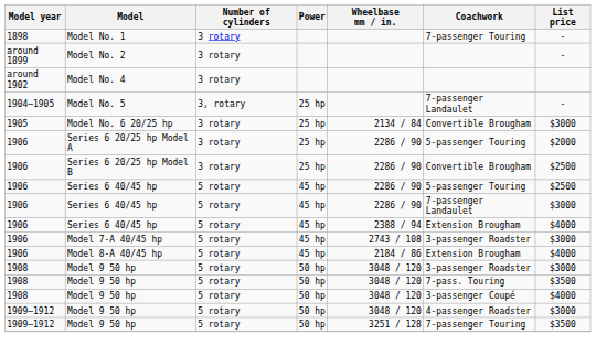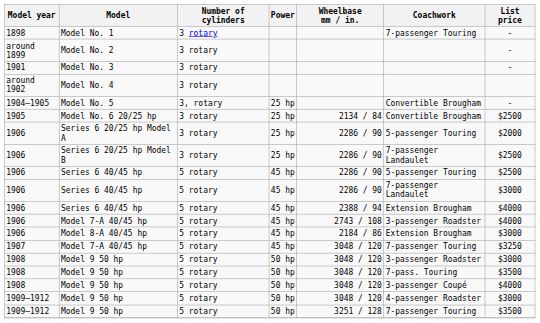 <table class="wikitable">
 <tr>
 <th style=="background:#CCCCCC;text-align:center"><strong>Model year</strong></th>
 <th style=="background:#CCCCCC;text-align:center"><strong>Model</strong></th>
 <th style=="background:#CCCCCC;text-align:center"><strong>Number of cylinders</strong></th>
 <th style=="background:#CCCCCC;text-align:center"><strong>Power</strong></th>
 <th style=="background:#CCCCCC;text-align:center"><strong>Wheelbase mm / in.</strong></th>
 <th style=="background:#CCCCCC;text-align:center"><strong>Coachwork</strong></th>
 <th style=="background:#CCCCCC;text-align:center"><strong>List price</strong></th>
 </tr>
 <tr>
 <td style="text-align:left">1898</td>
 <td>Model No. 1</td>
 <td>3 <a href='#'>rotary</a></td>
 <td style="text-align:right"></td>
 <td style="text-align:right"></td>
 <td>7-passenger Touring</td>
 <td style="text-align:center">-</td>
 </tr>
 <tr>
 <td style="text-align:left">around 1899</td>
 <td>Model No. 2</td>
 <td>3 rotary</td>
 <td style="text-align:right"></td>
 <td style="text-align:right"></td>
 <td style="text-align:center"></td>
 <td style="text-align:center">-</td>
 </tr>
 <tr>
+<td style="text-align:left">1901</td>
+<td>Model No. 3</td>
+<td>3 rotary</td>
+<td style="text-align:right"></td>
+<td style="text-align:right"></td>
+<td style="text-align:center"></td>
+<td style="text-align:center">-</td>
+</tr>
+<tr>
 <td style="text-align:left">around 1902</td>
 <td>Model No. 4</td>
 <td>3 rotary</td>
 <td style="text-align:right"></td>
 <td style="text-align:right"></td>
 <td style="text-align:center"></td>
 <td style="text-align:center"></td>
 </tr>
 <tr>
 <td style="text-align:left">1904–1905</td>
 <td>Model No. 5</td>
 <td>3, rotary</td>
 <td style="text-align:right">25 hp</td>
 <td style="text-align:right"></td>
-<td>7-passenger Landaulet</td>
+<td>Convertible Brougham</td>
 <td style="text-align:center">-</td>
 </tr>
 <tr>
 <td style="text-align:left">1905</td>
 <td>Model No. 6 20/25 hp</td>
 <td>3 rotary</td>
 <td style="text-align:right">25 hp</td>
 <td style="text-align:right">2134 / 84</td>
 <td>Convertible Brougham</td>
-<td style="text-align:center">$3000</td>
+<td style="text-align:center">$2500</td>
 </tr>
 <tr>
 <td style="text-align:left">1906</td>
 <td>Series 6 20/25 hp Model A</td>
 <td>3 rotary</td>
 <td style="text-align:right">25 hp</td>
 <td style="text-align:right">2286 / 90</td>
 <td>5-passenger Touring</td>
 <td style="text-align:center">$2000</td>
 </tr>
 <tr>
 <td style="text-align:left">1906</td>
 <td>Series 6 20/25 hp Model B</td>
 <td>3 rotary</td>
 <td style="text-align:right">25 hp</td>
 <td style="text-align:right">2286 / 90</td>
-<td>Convertible Brougham</td>
+<td>7-passenger Landaulet</td>
 <td style="text-align:center">$2500</td>
 </tr>
 <tr>
 <td style="text-align:left">1906</td>
 <td>Series 6 40/45 hp</td>
 <td>5 rotary</td>
 <td style="text-align:right">45 hp</td>
 <td style="text-align:right">2286 / 90</td>
 <td>5-passenger Touring</td>
 <td style="text-align:center">$2500</td>
 </tr>
 <tr>
 <td style="text-align:left">1906</td>
 <td>Series 6 40/45 hp</td>
 <td>5 rotary</td>
 <td style="text-align:right">45 hp</td>
 <td style="text-align:right">2286 / 90</td>
 <td>7-passenger Landaulet</td>
 <td style="text-align:center">$3000</td>
 </tr>
 <tr>
 <td style="text-align:left">1906</td>
 <td>Series 6 40/45 hp</td>
 <td>5 rotary</td>
 <td style="text-align:right">45 hp</td>
 <td style="text-align:right">2388 / 94</td>
 <td>Extension Brougham</td>
 <td style="text-align:center">$4000</td>
 </tr>
 <tr>
 <td style="text-align:left">1906</td>
 <td>Model 7-A 40/45 hp</td>
 <td>5 rotary</td>
 <td style="text-align:right">45 hp</td>
 <td style="text-align:right">2743 / 108</td>
 <td>3-passenger Roadster</td>
-<td style="text-align:center">$3000</td>
+<td style="text-align:center">$4000</td>
 </tr>
 <tr>
 <td style="text-align:left">1906</td>
 <td>Model 8-A 40/45 hp</td>
 <td>5 rotary</td>
 <td style="text-align:right">45 hp</td>
 <td style="text-align:right">2184 / 86</td>
 <td>Extension Brougham</td>
-<td style="text-align:center">$4000</td>
+<td style="text-align:center">$3000</td>
+</tr>
+<tr>
+<td style="text-align:left">1907</td>
+<td>Model 7-A 40/45 hp</td>
+<td>5 rotary</td>
+<td style="text-align:right">45 hp</td>
+<td style="text-align:right">3048 / 120</td>
+<td>7-passenger Touring</td>
+<td style="text-align:center">$3250</td>
 </tr>
 <tr>
 <td style="text-align:left">1908</td>
 <td>Model 9 50 hp</td>
 <td>5 rotary</td>
 <td style="text-align:right">50 hp</td>
 <td style="text-align:right">3048 / 120</td>
 <td>3-passenger Roadster</td>
 <td style="text-align:center">$3000</td>
 </tr>
 <tr>
 <td style="text-align:left">1908</td>
 <td>Model 9 50 hp</td>
 <td>5 rotary</td>
 <td style="text-align:right">50 hp</td>
 <td style="text-align:right">3048 / 120</td>
 <td>7-pass. Touring</td>
 <td style="text-align:center">$3500</td>
 </tr>
 <tr>
 <td style="text-align:left">1908</td>
 <td>Model 9 50 hp</td>
 <td>5 rotary</td>
 <td style="text-align:right">50 hp</td>
 <td style="text-align:right">3048 / 120</td>
 <td>3-passenger Coupé</td>
 <td style="text-align:center">$4000</td>
 </tr>
 <tr>
 <td style="text-align:left">1909–1912</td>
 <td>Model 9 50 hp</td>
 <td>5 rotary</td>
 <td style="text-align:right">50 hp</td>
 <td style="text-align:right">3048 / 120</td>
 <td>4-passenger Roadster</td>
 <td style="text-align:center">$3000</td>
 </tr>
 <tr>
 <td style="text-align:left">1909–1912</td>
 <td>Model 9 50 hp</td>
 <td>5 rotary</td>
 <td style="text-align:right">50 hp</td>
 <td style="text-align:right">3251 / 128</td>
 <td>7-passenger Touring</td>
 <td style="text-align:center">$3500</td>
 </tr>
 <tr>
 </tr>
 </table>
